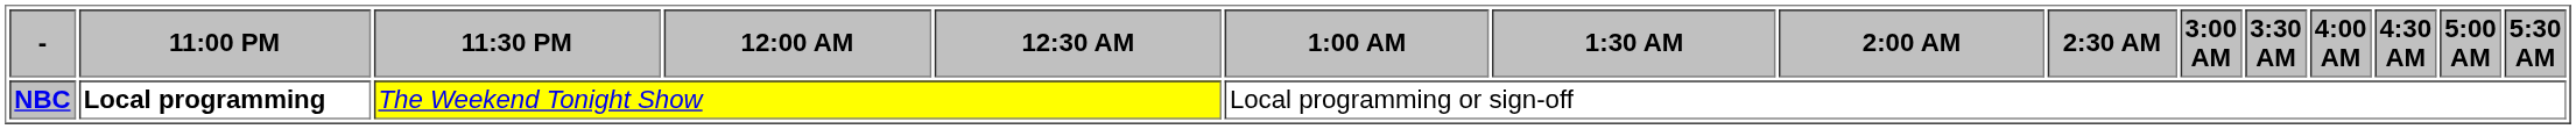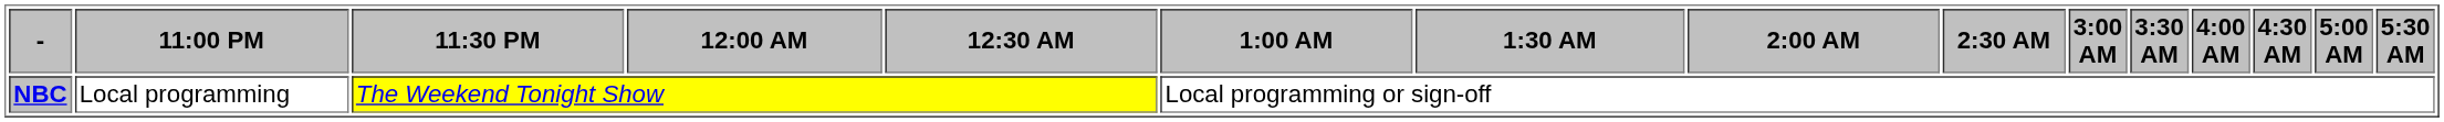 <table border="1" cellpadding="2">
 <tr>
 <th bgcolor="#C0C0C0">-</th>
 <th width="13%" bgcolor="#C0C0C0">11:00 PM</th>
 <th width="14%" bgcolor="#C0C0C0">11:30 PM</th>
 <th width="13%" bgcolor="#C0C0C0">12:00 AM</th>
 <th width="14%" bgcolor="#C0C0C0">12:30 AM</th>
 <th width="13%" bgcolor="#C0C0C0">1:00 AM</th>
 <th width="14%" bgcolor="#C0C0C0">1:30 AM</th>
 <th width="13%" bgcolor="#C0C0C0">2:00 AM</th>
 <th width="14%" bgcolor="#C0C0C0">2:30 AM</th>
 <th width="13%" bgcolor="#C0C0C0">3:00 AM</th>
 <th width="14%" bgcolor="#C0C0C0">3:30 AM</th>
 <th width="13%" bgcolor="#C0C0C0">4:00 AM</th>
 <th width="14%" bgcolor="#C0C0C0">4:30 AM</th>
 <th width="13%" bgcolor="#C0C0C0">5:00 AM</th>
 <th width="14%" bgcolor="#C0C0C0">5:30 AM</th>
 </tr>
 <tr>
 <th bgcolor="#C0C0C0"><a href='#'>NBC</a></th>
-<td bgcolor="white"><strong>Local programming</strong></td>
+<td bgcolor="white">Local programming</td>
 <td bgcolor="yellow" colspan="3"><a href='#'><em>The Weekend Tonight Show</em></a></td>
 <td bgcolor="white" colspan="10">Local programming or sign-off</td>
 </tr>
 </table>
